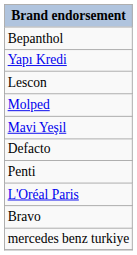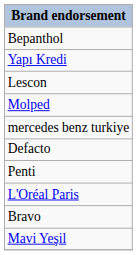 <table class="wikitable" style="font-size:90%">
 <tr>
 <th style="background:LightSteelBlue">Brand endorsement</th>
 </tr>
 <tr>
 <td>Bepanthol</td>
 </tr>
 <tr>
 <td><a href='#'>Yapı Kredi</a></td>
 </tr>
 <tr>
 <td>Lescon</td>
 </tr>
 <tr>
 <td><a href='#'>Molped</a></td>
 </tr>
 <tr>
-<td><a href='#'>Mavi Yeşil</a></td>
+<td>mercedes benz turkiye</td>
 </tr>
 <tr>
 <td>Defacto</td>
 </tr>
 <tr>
 <td>Penti</td>
 </tr>
 <tr>
 <td><a href='#'>L'Oréal Paris</a></td>
 </tr>
 <tr>
 <td>Bravo</td>
 </tr>
 <tr>
-<td>mercedes benz turkiye</td>
+<td><a href='#'>Mavi Yeşil</a></td>
 </tr>
 <tr>
 </tr>
 </table>
